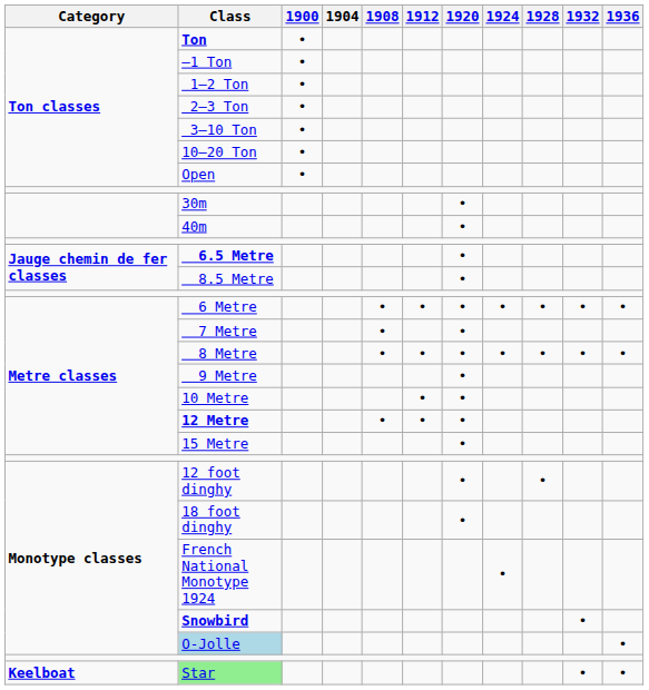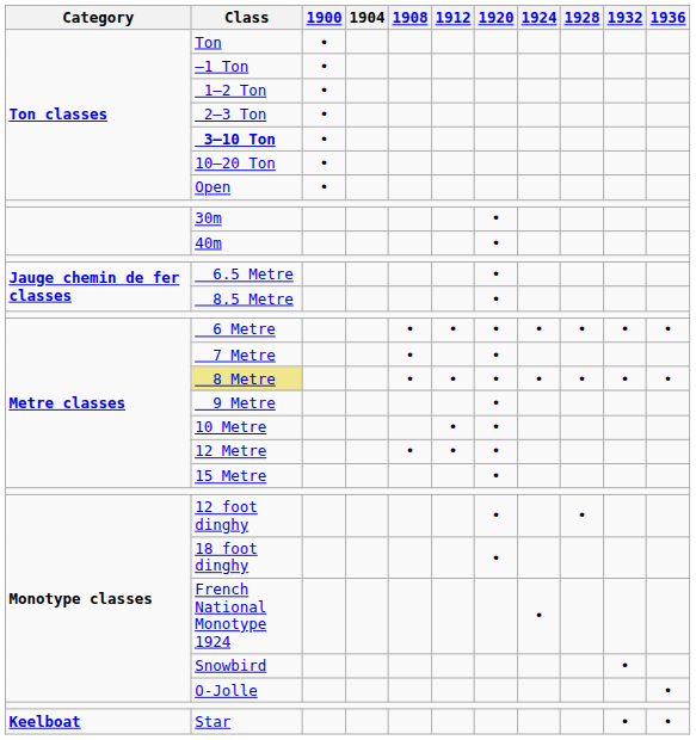 <table class="wikitable" style="text-align:center;">
 <tr>
 <th style="width:12em;">Category</th>
 <th style="width:7em;">Class</th>
 <th><a href='#'>1900</a></th>
 <th>1904</th>
 <th><a href='#'>1908</a></th>
 <th><a href='#'>1912</a></th>
 <th><a href='#'>1920</a></th>
 <th><a href='#'>1924</a></th>
 <th><a href='#'>1928</a></th>
 <th><a href='#'>1932</a></th>
 <th><a href='#'>1936</a></th>
 </tr>
 <tr>
 <td rowspan="7" align="left"><strong><a href='#'>Ton classes</a></strong></td>
-<td align="left"><strong><a href='#'> Ton</a></strong></td>
+<td align="left"><a href='#'> Ton</a></td>
 <td>•</td>
 <td></td>
 <td></td>
 <td></td>
 <td></td>
 <td></td>
 <td></td>
 <td></td>
 <td></td>
 </tr>
 <tr>
 <td align="left"><a href='#'>–1 Ton</a></td>
 <td>•</td>
 <td></td>
 <td></td>
 <td></td>
 <td></td>
 <td></td>
 <td></td>
 <td></td>
 <td></td>
 </tr>
 <tr>
 <td align="left"><a href='#'> 1–2 Ton</a></td>
 <td>•</td>
 <td></td>
 <td></td>
 <td></td>
 <td></td>
 <td></td>
 <td></td>
 <td></td>
 <td></td>
 </tr>
 <tr>
 <td align="left"><a href='#'> 2–3 Ton</a></td>
 <td>•</td>
 <td></td>
 <td></td>
 <td></td>
 <td></td>
 <td></td>
 <td></td>
 <td></td>
 <td></td>
 </tr>
 <tr>
-<td align="left"><a href='#'> 3–10 Ton</a></td>
+<td align="left"><strong><a href='#'> 3–10 Ton</a></strong></td>
 <td>•</td>
 <td></td>
 <td></td>
 <td></td>
 <td></td>
 <td></td>
 <td></td>
 <td></td>
 <td></td>
 </tr>
 <tr>
 <td align="left"><a href='#'>10–20 Ton</a></td>
 <td>•</td>
 <td></td>
 <td></td>
 <td></td>
 <td></td>
 <td></td>
 <td></td>
 <td></td>
 <td></td>
 </tr>
 <tr>
 <td align="left"><a href='#'>Open</a></td>
 <td>•</td>
 <td></td>
 <td></td>
 <td></td>
 <td></td>
 <td></td>
 <td></td>
 <td></td>
 <td></td>
 </tr>
 <tr>
 <td colspan="100"></td>
 </tr>
 <tr>
 <td rowspan="2" align="left"><strong><a href='#'><br></a></strong></td>
 <td align="left"><a href='#'>30m</a></td>
 <td></td>
 <td></td>
 <td></td>
 <td></td>
 <td>•</td>
 <td></td>
 <td></td>
 <td></td>
 <td></td>
 </tr>
 <tr>
 <td align="left"><a href='#'>40m</a></td>
 <td></td>
 <td></td>
 <td></td>
 <td></td>
 <td>•</td>
 <td></td>
 <td></td>
 <td></td>
 <td></td>
 </tr>
 <tr>
 <td colspan="100"></td>
 </tr>
 <tr>
 <td rowspan="2" align="left"><strong><a href='#'>Jauge chemin de fer classes</a></strong></td>
-<td align="left"><strong><a href='#'>  6.5 Metre</a></strong></td>
+<td align="left"><a href='#'>  6.5 Metre</a></td>
 <td></td>
 <td></td>
 <td></td>
 <td></td>
 <td>•</td>
 <td></td>
 <td></td>
 <td></td>
 <td></td>
 </tr>
 <tr>
 <td align="left"><a href='#'>  8.5 Metre</a></td>
 <td></td>
 <td></td>
 <td></td>
 <td></td>
 <td>•</td>
 <td></td>
 <td></td>
 <td></td>
 <td></td>
 </tr>
 <tr>
 <td colspan="100"></td>
 </tr>
 <tr>
 <td rowspan="7" align="left"><strong><a href='#'>Metre classes</a></strong></td>
 <td align="left"><a href='#'>  6 Metre</a></td>
 <td></td>
 <td></td>
 <td>•</td>
 <td>•</td>
 <td>•</td>
 <td>•</td>
 <td>•</td>
 <td>•</td>
 <td>•</td>
 </tr>
 <tr>
 <td align="left"><a href='#'>  7 Metre</a></td>
 <td></td>
 <td></td>
 <td>•</td>
 <td></td>
 <td>•</td>
 <td></td>
 <td></td>
 <td></td>
 <td></td>
 </tr>
 <tr>
-<td align="left"><a href='#'>  8 Metre</a></td>
+<td align="left" style="background: khaki;"><a href='#'>  8 Metre</a></td>
 <td></td>
 <td></td>
 <td>•</td>
 <td>•</td>
 <td>•</td>
 <td>•</td>
 <td>•</td>
 <td>•</td>
 <td>•</td>
 </tr>
 <tr>
 <td align="left"><a href='#'>  9 Metre</a></td>
 <td></td>
 <td></td>
 <td></td>
 <td></td>
 <td>•</td>
 <td></td>
 <td></td>
 <td></td>
 <td></td>
 </tr>
 <tr>
 <td align="left"><a href='#'>10 Metre</a></td>
 <td></td>
 <td></td>
 <td></td>
 <td>•</td>
 <td>•</td>
 <td></td>
 <td></td>
 <td></td>
 <td></td>
 </tr>
 <tr>
-<td align="left"><strong><a href='#'>12 Metre</a></strong></td>
+<td align="left"><a href='#'>12 Metre</a></td>
 <td></td>
 <td></td>
 <td>•</td>
 <td>•</td>
 <td>•</td>
 <td></td>
 <td></td>
 <td></td>
 <td></td>
 </tr>
 <tr>
 <td align="left"><a href='#'>15 Metre</a></td>
 <td></td>
 <td></td>
 <td></td>
 <td></td>
 <td>•</td>
 <td></td>
 <td></td>
 <td></td>
 <td></td>
 </tr>
 <tr>
 <td colspan="100"></td>
 </tr>
 <tr>
 <td rowspan="5" align="left"><strong>Monotype classes</strong></td>
 <td align="left"><a href='#'>12 foot dinghy</a></td>
 <td></td>
 <td></td>
 <td></td>
 <td></td>
 <td>•</td>
 <td></td>
 <td>•</td>
 <td></td>
 <td></td>
 </tr>
 <tr>
 <td align="left"><a href='#'>18 foot dinghy</a></td>
 <td></td>
 <td></td>
 <td></td>
 <td></td>
 <td>•</td>
 <td></td>
 <td></td>
 <td></td>
 <td></td>
 </tr>
 <tr>
 <td align="left"><a href='#'>French National Monotype 1924</a></td>
 <td></td>
 <td></td>
 <td></td>
 <td></td>
 <td></td>
 <td>•</td>
 <td></td>
 <td></td>
 <td></td>
 </tr>
 <tr>
-<td align="left"><strong><a href='#'>Snowbird</a></strong></td>
+<td align="left"><a href='#'>Snowbird</a></td>
 <td></td>
 <td></td>
 <td></td>
 <td></td>
 <td></td>
 <td></td>
 <td></td>
 <td>•</td>
 <td></td>
 </tr>
 <tr>
-<td align="left" style="background: lightblue;"><a href='#'>O-Jolle</a></td>
+<td align="left"><a href='#'>O-Jolle</a></td>
 <td></td>
 <td></td>
 <td></td>
 <td></td>
 <td></td>
 <td></td>
 <td></td>
 <td></td>
 <td>•</td>
 </tr>
 <tr>
 <td colspan="100"></td>
 </tr>
 <tr>
 <td align="left"><strong><a href='#'>Keelboat</a></strong></td>
-<td align="left" style="background: lightgreen;"><a href='#'>Star</a></td>
+<td align="left"><a href='#'>Star</a></td>
 <td></td>
 <td></td>
 <td></td>
 <td></td>
 <td></td>
 <td></td>
 <td></td>
 <td>•</td>
 <td>•</td>
 </tr>
 </table>
